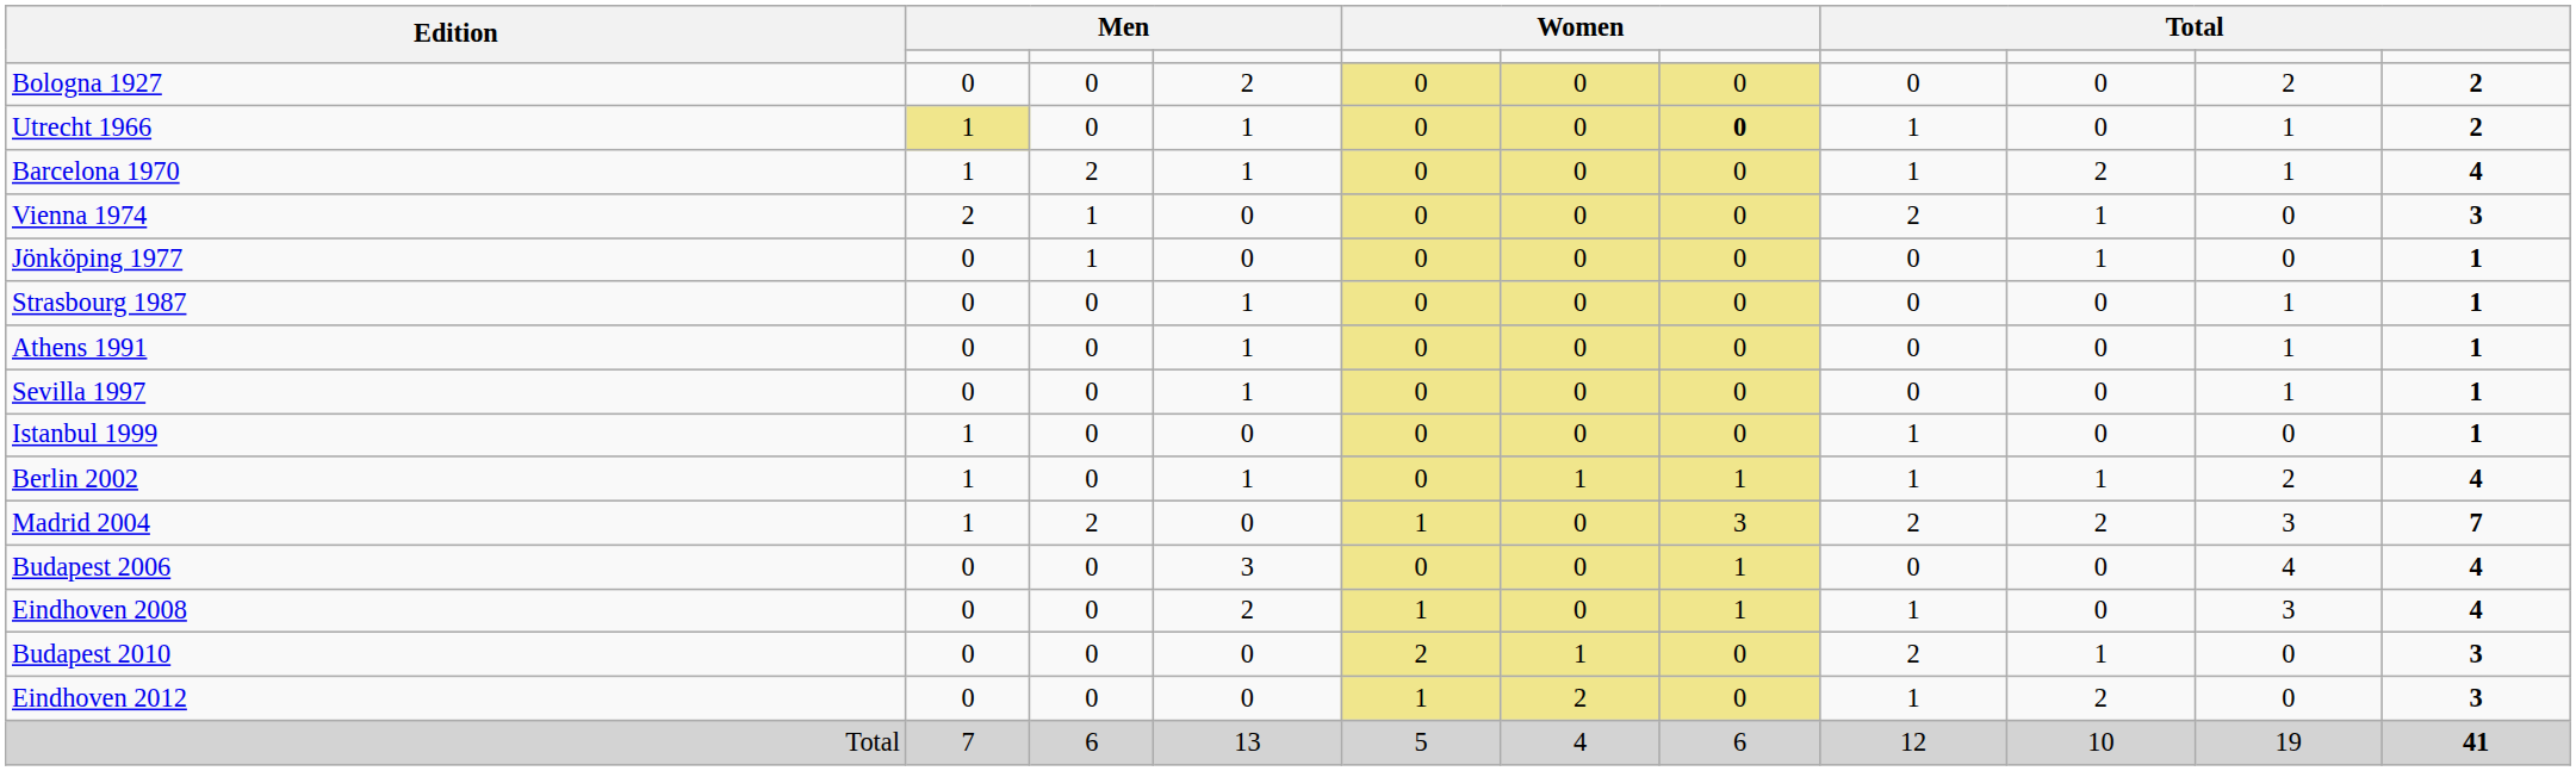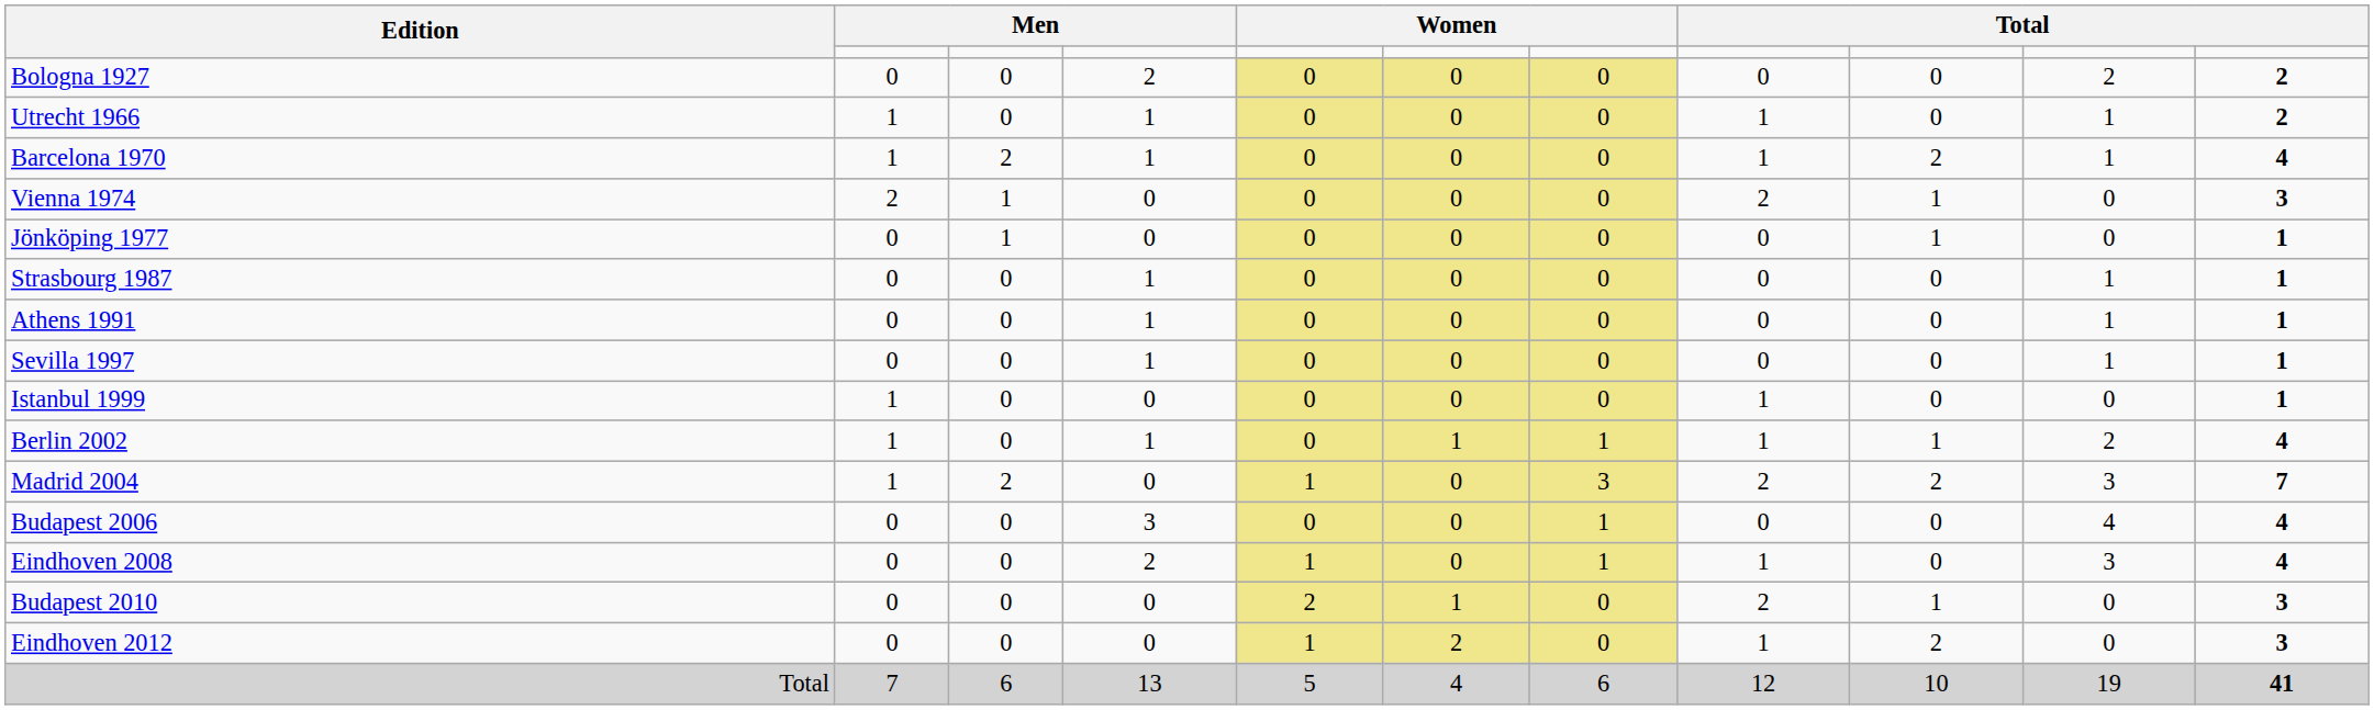 <table class="wikitable" width=70% style="font-size:90%; text-align:center;">
 <tr>
 <th rowspan=2>Edition</th>
 <th colspan=3>Men</th>
 <th colspan=3>Women</th>
 <th colspan=4>Total</th>
 </tr>
 <tr>
 <td></td>
 <td></td>
 <td></td>
 <td></td>
 <td></td>
 <td></td>
 <td></td>
 <td></td>
 <td></td>
 <td></td>
 </tr>
 <tr>
 <td align=left> <a href='#'>Bologna 1927</a></td>
 <td>0</td>
 <td>0</td>
 <td>2</td>
 <td bgcolor=Khaki>0</td>
 <td bgcolor=Khaki>0</td>
 <td bgcolor=Khaki>0</td>
 <td>0</td>
 <td>0</td>
 <td>2</td>
 <td><strong>2</strong></td>
 </tr>
 <tr>
 <td align=left> <a href='#'>Utrecht 1966</a></td>
-<td style="background: khaki;">1</td>
+<td>1</td>
 <td>0</td>
 <td>1</td>
 <td bgcolor=Khaki>0</td>
 <td bgcolor=Khaki>0</td>
-<td bgcolor=Khaki><strong>0</strong></td>
+<td bgcolor=Khaki>0</td>
 <td>1</td>
 <td>0</td>
 <td>1</td>
 <td><strong>2</strong></td>
 </tr>
 <tr>
 <td align=left> <a href='#'>Barcelona 1970</a></td>
 <td>1</td>
 <td>2</td>
 <td>1</td>
 <td bgcolor=Khaki>0</td>
 <td bgcolor=Khaki>0</td>
 <td bgcolor=Khaki>0</td>
 <td>1</td>
 <td>2</td>
 <td>1</td>
 <td><strong>4</strong></td>
 </tr>
 <tr>
 <td align=left> <a href='#'>Vienna 1974</a></td>
 <td>2</td>
 <td>1</td>
 <td>0</td>
 <td bgcolor=Khaki>0</td>
 <td bgcolor=Khaki>0</td>
 <td bgcolor=Khaki>0</td>
 <td>2</td>
 <td>1</td>
 <td>0</td>
 <td><strong>3</strong></td>
 </tr>
 <tr>
 <td align=left> <a href='#'>Jönköping 1977</a></td>
 <td>0</td>
 <td>1</td>
 <td>0</td>
 <td bgcolor=Khaki>0</td>
 <td bgcolor=Khaki>0</td>
 <td bgcolor=Khaki>0</td>
 <td>0</td>
 <td>1</td>
 <td>0</td>
 <td><strong>1</strong></td>
 </tr>
 <tr>
 <td align=left> <a href='#'>Strasbourg 1987</a></td>
 <td>0</td>
 <td>0</td>
 <td>1</td>
 <td bgcolor=Khaki>0</td>
 <td bgcolor=Khaki>0</td>
 <td bgcolor=Khaki>0</td>
 <td>0</td>
 <td>0</td>
 <td>1</td>
 <td><strong>1</strong></td>
 </tr>
 <tr>
 <td align=left> <a href='#'>Athens 1991</a></td>
 <td>0</td>
 <td>0</td>
 <td>1</td>
 <td bgcolor=Khaki>0</td>
 <td bgcolor=Khaki>0</td>
 <td bgcolor=Khaki>0</td>
 <td>0</td>
 <td>0</td>
 <td>1</td>
 <td><strong>1</strong></td>
 </tr>
 <tr>
 <td align=left> <a href='#'>Sevilla 1997</a></td>
 <td>0</td>
 <td>0</td>
 <td>1</td>
 <td bgcolor=Khaki>0</td>
 <td bgcolor=Khaki>0</td>
 <td bgcolor=Khaki>0</td>
 <td>0</td>
 <td>0</td>
 <td>1</td>
 <td><strong>1</strong></td>
 </tr>
 <tr>
 <td align=left> <a href='#'>Istanbul 1999</a></td>
 <td>1</td>
 <td>0</td>
 <td>0</td>
 <td bgcolor=Khaki>0</td>
 <td bgcolor=Khaki>0</td>
 <td bgcolor=Khaki>0</td>
 <td>1</td>
 <td>0</td>
 <td>0</td>
 <td><strong>1</strong></td>
 </tr>
 <tr>
 <td align=left> <a href='#'>Berlin 2002</a></td>
 <td>1</td>
 <td>0</td>
 <td>1</td>
 <td bgcolor=Khaki>0</td>
 <td bgcolor=Khaki>1</td>
 <td bgcolor=Khaki>1</td>
 <td>1</td>
 <td>1</td>
 <td>2</td>
 <td><strong>4</strong></td>
 </tr>
 <tr>
 <td align=left> <a href='#'>Madrid 2004</a></td>
 <td>1</td>
 <td>2</td>
 <td>0</td>
 <td bgcolor=Khaki>1</td>
 <td bgcolor=Khaki>0</td>
 <td bgcolor=Khaki>3</td>
 <td>2</td>
 <td>2</td>
 <td>3</td>
 <td><strong>7</strong></td>
 </tr>
 <tr>
 <td align=left> <a href='#'>Budapest 2006</a></td>
 <td>0</td>
 <td>0</td>
 <td>3</td>
 <td bgcolor=Khaki>0</td>
 <td bgcolor=Khaki>0</td>
 <td bgcolor=Khaki>1</td>
 <td>0</td>
 <td>0</td>
 <td>4</td>
 <td><strong>4</strong></td>
 </tr>
 <tr>
 <td align=left> <a href='#'>Eindhoven 2008</a></td>
 <td>0</td>
 <td>0</td>
 <td>2</td>
 <td bgcolor=Khaki>1</td>
 <td bgcolor=Khaki>0</td>
 <td bgcolor=Khaki>1</td>
 <td>1</td>
 <td>0</td>
 <td>3</td>
 <td><strong>4</strong></td>
 </tr>
 <tr>
 <td align=left> <a href='#'>Budapest 2010</a></td>
 <td>0</td>
 <td>0</td>
 <td>0</td>
 <td bgcolor=Khaki>2</td>
 <td bgcolor=Khaki>1</td>
 <td bgcolor=Khaki>0</td>
 <td>2</td>
 <td>1</td>
 <td>0</td>
 <td><strong>3</strong></td>
 </tr>
 <tr>
 <td align=left> <a href='#'>Eindhoven 2012</a></td>
 <td>0</td>
 <td>0</td>
 <td>0</td>
 <td bgcolor=Khaki>1</td>
 <td bgcolor=Khaki>2</td>
 <td bgcolor=Khaki>0</td>
 <td>1</td>
 <td>2</td>
 <td>0</td>
 <td><strong>3</strong></td>
 </tr>
 <tr bgcolor=lightgrey>
 <td align=right>Total</td>
 <td>7</td>
 <td>6</td>
 <td>13</td>
 <td>5</td>
 <td>4</td>
 <td>6</td>
 <td>12</td>
 <td>10</td>
 <td>19</td>
 <td><strong>41</strong></td>
 </tr>
 </table>
